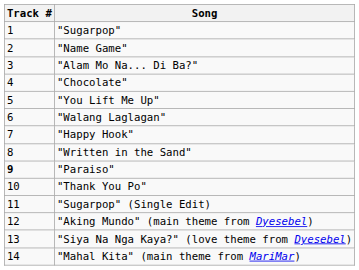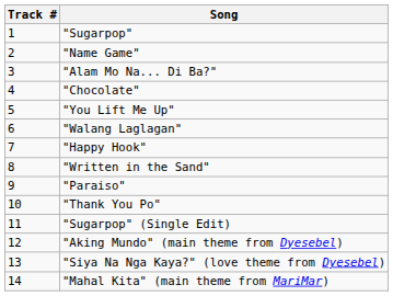 <table class="wikitable">
 <tr>
 <th>Track #</th>
 <th>Song</th>
 </tr>
 <tr>
 <td>1</td>
 <td>"Sugarpop"</td>
 </tr>
 <tr>
 <td>2</td>
 <td>"Name Game"</td>
 </tr>
 <tr>
 <td>3</td>
 <td>"Alam Mo Na... Di Ba?"</td>
 </tr>
 <tr>
 <td>4</td>
 <td>"Chocolate"</td>
 </tr>
 <tr>
 <td>5</td>
 <td>"You Lift Me Up"</td>
 </tr>
 <tr>
 <td>6</td>
 <td>"Walang Laglagan"</td>
 </tr>
 <tr>
 <td>7</td>
 <td>"Happy Hook"</td>
 </tr>
 <tr>
 <td>8</td>
 <td>"Written in the Sand"</td>
 </tr>
 <tr>
-<td><strong>9</strong></td>
+<td>9</td>
 <td>"Paraiso"</td>
 </tr>
 <tr>
 <td>10</td>
 <td>"Thank You Po"</td>
 </tr>
 <tr>
 <td>11</td>
 <td>"Sugarpop" (Single Edit)</td>
 </tr>
 <tr>
 <td>12</td>
 <td>"Aking Mundo" (main theme from <em><a href='#'>Dyesebel</a></em>)</td>
 </tr>
 <tr>
 <td>13</td>
 <td>"Siya Na Nga Kaya?" (love theme from <em><a href='#'>Dyesebel</a></em>)</td>
 </tr>
 <tr>
 <td>14</td>
 <td>"Mahal Kita" (main theme from <em><a href='#'>MariMar</a></em>)</td>
 </tr>
 </table>
